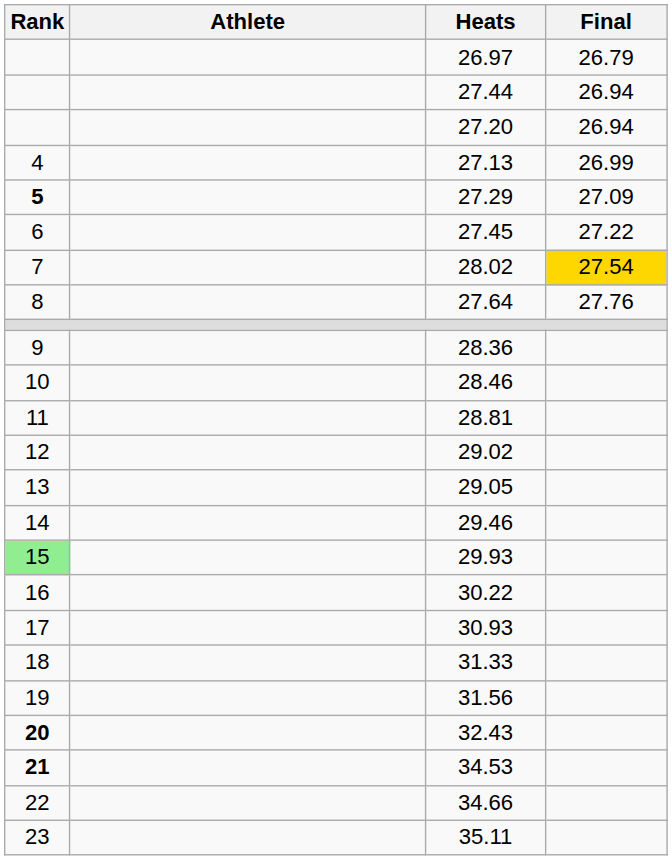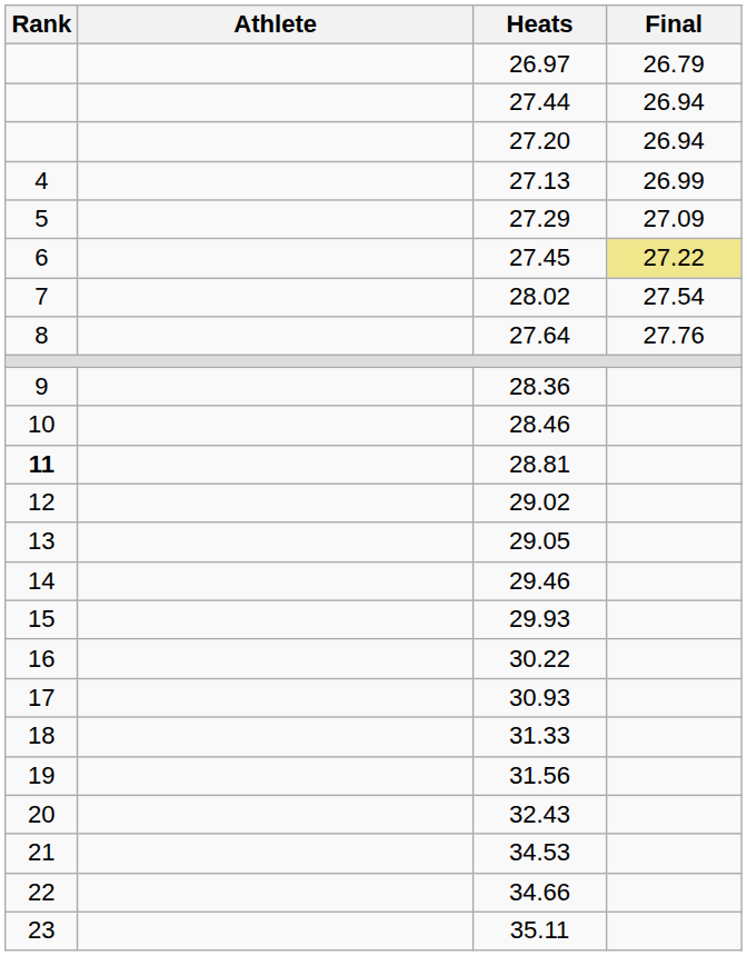 <table class=wikitable style="text-align:center">
 <tr>
 <th width=40>Rank</th>
 <th width=250>Athlete</th>
 <th width=80>Heats</th>
 <th width=80>Final</th>
 </tr>
 <tr>
 <td></td>
 <td align=left></td>
 <td>26.97</td>
 <td>26.79</td>
 </tr>
 <tr>
 <td></td>
 <td align=left></td>
 <td>27.44</td>
 <td>26.94</td>
 </tr>
 <tr>
 <td></td>
 <td align=left></td>
 <td>27.20</td>
 <td>26.94</td>
 </tr>
 <tr>
 <td>4</td>
 <td align=left></td>
 <td>27.13</td>
 <td>26.99</td>
 </tr>
 <tr>
-<td><strong>5</strong></td>
+<td>5</td>
 <td align=left></td>
 <td>27.29</td>
 <td>27.09</td>
 </tr>
 <tr>
 <td>6</td>
 <td align=left></td>
 <td>27.45</td>
-<td>27.22</td>
+<td style="background: khaki;">27.22</td>
 </tr>
 <tr>
 <td>7</td>
 <td align=left></td>
 <td>28.02</td>
-<td style="background: gold;">27.54</td>
+<td>27.54</td>
 </tr>
 <tr>
 <td>8</td>
 <td align=left></td>
 <td>27.64</td>
 <td>27.76</td>
 </tr>
 <tr bgcolor=#DDDDDD>
 <td colspan=4></td>
 </tr>
 <tr>
 <td>9</td>
 <td align=left></td>
 <td>28.36</td>
 <td></td>
 </tr>
 <tr>
 <td>10</td>
 <td align=left></td>
 <td>28.46</td>
 <td></td>
 </tr>
 <tr>
-<td>11</td>
+<td><strong>11</strong></td>
 <td align=left></td>
 <td>28.81</td>
 <td></td>
 </tr>
 <tr>
 <td>12</td>
 <td align=left></td>
 <td>29.02</td>
 <td></td>
 </tr>
 <tr>
 <td>13</td>
 <td align=left></td>
 <td>29.05</td>
 <td></td>
 </tr>
 <tr>
 <td>14</td>
 <td align=left></td>
 <td>29.46</td>
 <td></td>
 </tr>
 <tr>
-<td style="background: lightgreen;">15</td>
+<td>15</td>
 <td align=left></td>
 <td>29.93</td>
 <td></td>
 </tr>
 <tr>
 <td>16</td>
 <td align=left></td>
 <td>30.22</td>
 <td></td>
 </tr>
 <tr>
 <td>17</td>
 <td align=left></td>
 <td>30.93</td>
 <td></td>
 </tr>
 <tr>
 <td>18</td>
 <td align=left></td>
 <td>31.33</td>
 <td></td>
 </tr>
 <tr>
 <td>19</td>
 <td align=left></td>
 <td>31.56</td>
 <td></td>
 </tr>
 <tr>
-<td><strong>20</strong></td>
+<td>20</td>
 <td align=left></td>
 <td>32.43</td>
 <td></td>
 </tr>
 <tr>
-<td><strong>21</strong></td>
+<td>21</td>
 <td align=left></td>
 <td>34.53</td>
 <td></td>
 </tr>
 <tr>
 <td>22</td>
 <td align=left></td>
 <td>34.66</td>
 <td></td>
 </tr>
 <tr>
 <td>23</td>
 <td align=left></td>
 <td>35.11</td>
 <td></td>
 </tr>
 </table>
